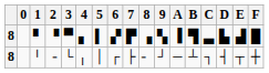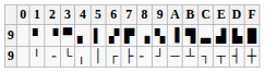 <table class="wikitable">
 <tr>
 <th></th>
 <th>0</th>
 <th>1</th>
 <th>2</th>
 <th>3</th>
 <th>4</th>
 <th>5</th>
 <th>6</th>
 <th>7</th>
 <th>8</th>
 <th>9</th>
 <th>A</th>
 <th>B</th>
 <th>C</th>
+<th>E</th>
 <th>D</th>
-<th>E</th>
 <th>F</th>
 </tr>
 <tr>
-<th>8</th>
+<th>9</th>
 <td></td>
 <td>▘</td>
 <td>▝</td>
 <td>▀</td>
 <td>▖</td>
 <td>▍</td>
 <td>▞</td>
 <td>▛</td>
 <td>▗</td>
 <td>▚</td>
 <td>▐</td>
 <td>▜</td>
 <td>▃</td>
+<td>▟</td>
 <td>▙</td>
-<td>▟</td>
 <td>▉</td>
 </tr>
 <tr>
-<th>8</th>
+<th>9</th>
 <td></td>
 <td>╵</td>
 <td>╶</td>
 <td>└</td>
 <td>╷</td>
 <td>│</td>
 <td>┌</td>
 <td>├</td>
 <td>╴</td>
 <td>┘</td>
 <td>─</td>
 <td>┴</td>
 <td>┐</td>
+<td>┬</td>
 <td>┤</td>
-<td>┬</td>
 <td>┼</td>
 </tr>
 </table>
